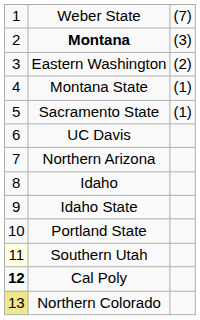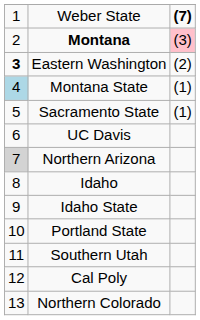 <table class="wikitable" style="display: inline-table;">
 <tr align="center">
 </tr>
 <tr align="center">
 <td>1</td>
 <td>Weber State</td>
-<td>(7)</td>
+<td><strong>(7)</strong></td>
 </tr>
 <tr align="center">
 <td>2</td>
 <td><strong>Montana</strong></td>
-<td>(3)</td>
+<td style="background: pink;">(3)</td>
 </tr>
 <tr align="center">
-<td>3</td>
+<td><strong>3</strong></td>
 <td>Eastern Washington</td>
 <td>(2)</td>
 </tr>
 <tr align="center">
-<td>4</td>
+<td style="background: lightblue;">4</td>
 <td>Montana State</td>
 <td>(1)</td>
 </tr>
 <tr align="center">
 <td>5</td>
 <td>Sacramento State</td>
 <td>(1)</td>
 </tr>
 <tr align="center">
 <td>6</td>
 <td>UC Davis</td>
 <td></td>
 </tr>
 <tr align="center">
-<td>7</td>
+<td style="background: lightgrey;">7</td>
 <td>Northern Arizona</td>
 <td></td>
 </tr>
 <tr align="center">
 <td>8</td>
 <td>Idaho</td>
 <td></td>
 </tr>
 <tr align="center">
 <td>9</td>
 <td>Idaho State</td>
 <td></td>
 </tr>
 <tr align="center">
 <td>10</td>
 <td>Portland State</td>
 <td></td>
 </tr>
 <tr align="center">
-<td style="background: lightyellow;">11</td>
+<td>11</td>
 <td>Southern Utah</td>
 <td></td>
 </tr>
 <tr align="center">
-<td><strong>12</strong></td>
+<td>12</td>
 <td>Cal Poly</td>
 <td></td>
 </tr>
 <tr align="center">
-<td style="background: khaki;">13</td>
+<td>13</td>
 <td>Northern Colorado</td>
 <td></td>
 </tr>
 </table>
